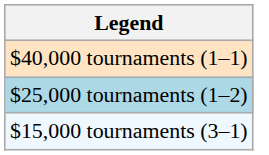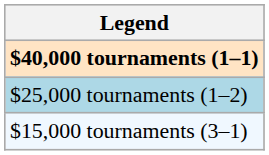 <table class=wikitable style=font-size:85%>
 <tr>
 <th>Legend</th>
 </tr>
 <tr style="background:#ffe4c4;">
-<td>$40,000 tournaments (1–1)</td>
+<td><strong>$40,000 tournaments (1–1)</strong></td>
 </tr>
 <tr style="background:lightblue;">
 <td>$25,000 tournaments (1–2)</td>
 </tr>
 <tr style="background:#f0f8ff;">
 <td>$15,000 tournaments (3–1)</td>
 </tr>
 </table>
